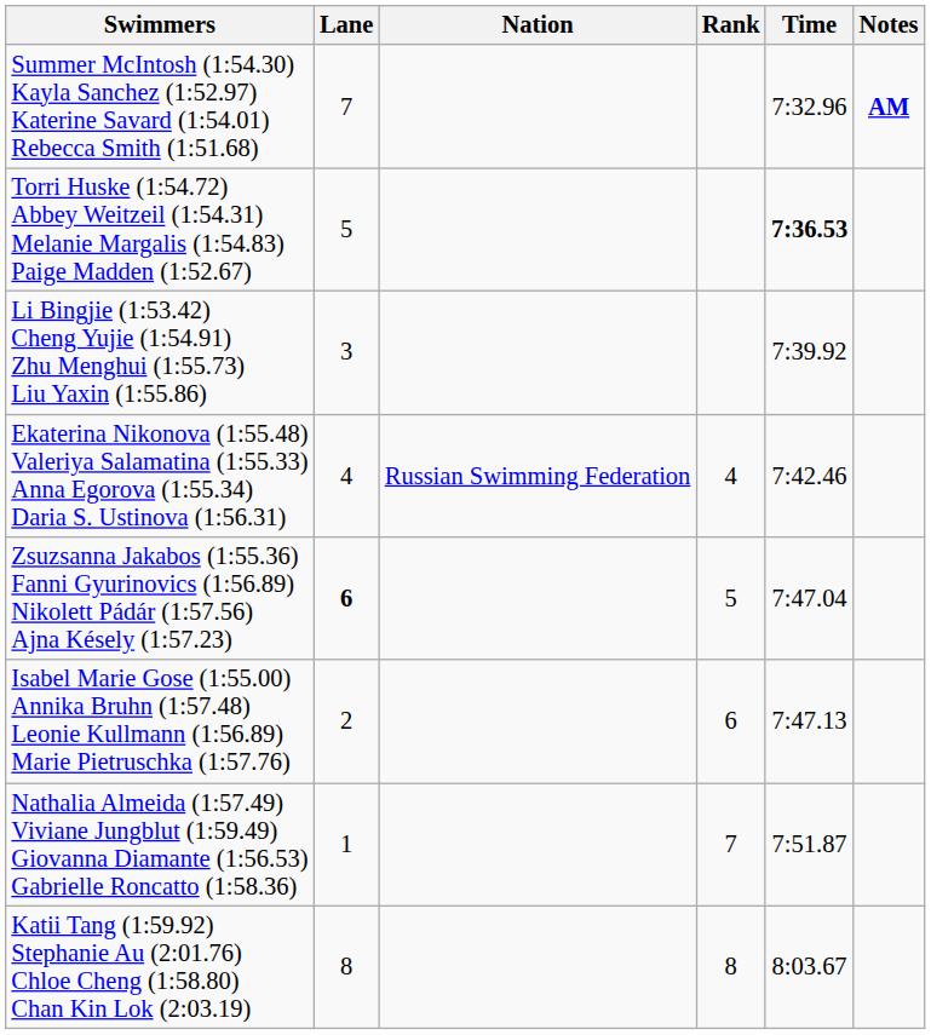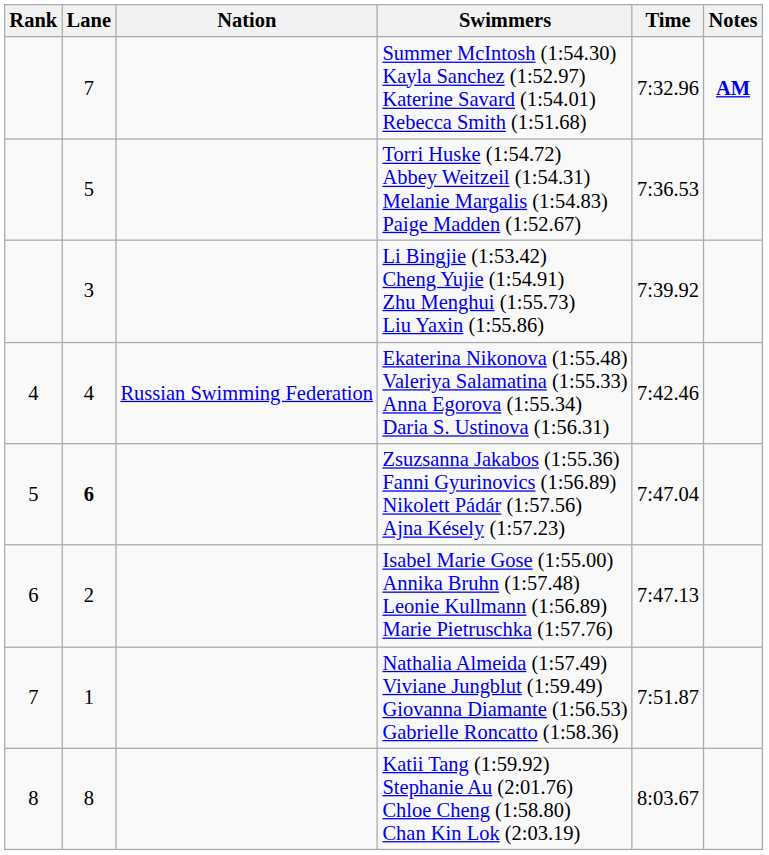 <table class="wikitable sortable" style="text-align:center">
 <tr>
-<th>Swimmers</th>
+<th>Rank</th>
 <th>Lane</th>
 <th>Nation</th>
-<th>Rank</th>
+<th>Swimmers</th>
 <th>Time</th>
 <th>Notes</th>
 </tr>
 <tr>
-<td align=left><a href='#'>Summer McIntosh</a> (1:54.30)<br><a href='#'>Kayla Sanchez</a> (1:52.97)<br><a href='#'>Katerine Savard</a> (1:54.01)<br><a href='#'>Rebecca Smith</a> (1:51.68)</td>
+<td></td>
 <td>7</td>
 <td align=left></td>
-<td></td>
+<td align=left><a href='#'>Summer McIntosh</a> (1:54.30)<br><a href='#'>Kayla Sanchez</a> (1:52.97)<br><a href='#'>Katerine Savard</a> (1:54.01)<br><a href='#'>Rebecca Smith</a> (1:51.68)</td>
 <td>7:32.96</td>
 <td><strong><a href='#'>AM</a></strong></td>
 </tr>
 <tr>
-<td align=left><a href='#'>Torri Huske</a> (1:54.72)<br><a href='#'>Abbey Weitzeil</a> (1:54.31)<br><a href='#'>Melanie Margalis</a> (1:54.83)<br><a href='#'>Paige Madden</a> (1:52.67)</td>
+<td></td>
 <td>5</td>
 <td align=left></td>
-<td></td>
-<td><strong>7:36.53</strong></td>
+<td align=left><a href='#'>Torri Huske</a> (1:54.72)<br><a href='#'>Abbey Weitzeil</a> (1:54.31)<br><a href='#'>Melanie Margalis</a> (1:54.83)<br><a href='#'>Paige Madden</a> (1:52.67)</td>
+<td>7:36.53</td>
 <td></td>
 </tr>
 <tr>
-<td align=left><a href='#'>Li Bingjie</a> (1:53.42)<br><a href='#'>Cheng Yujie</a> (1:54.91)<br><a href='#'>Zhu Menghui</a> (1:55.73)<br><a href='#'>Liu Yaxin</a> (1:55.86)</td>
+<td></td>
 <td>3</td>
 <td align=left></td>
-<td></td>
+<td align=left><a href='#'>Li Bingjie</a> (1:53.42)<br><a href='#'>Cheng Yujie</a> (1:54.91)<br><a href='#'>Zhu Menghui</a> (1:55.73)<br><a href='#'>Liu Yaxin</a> (1:55.86)</td>
 <td>7:39.92</td>
 <td></td>
 </tr>
 <tr>
-<td align=left><a href='#'>Ekaterina Nikonova</a> (1:55.48)<br><a href='#'>Valeriya Salamatina</a> (1:55.33)<br><a href='#'>Anna Egorova</a> (1:55.34)<br><a href='#'>Daria S. Ustinova</a> (1:56.31)</td>
+<td>4</td>
 <td>4</td>
 <td align=left><a href='#'>Russian Swimming Federation</a></td>
-<td>4</td>
+<td align=left><a href='#'>Ekaterina Nikonova</a> (1:55.48)<br><a href='#'>Valeriya Salamatina</a> (1:55.33)<br><a href='#'>Anna Egorova</a> (1:55.34)<br><a href='#'>Daria S. Ustinova</a> (1:56.31)</td>
 <td>7:42.46</td>
 <td></td>
 </tr>
 <tr>
-<td align=left><a href='#'>Zsuzsanna Jakabos</a> (1:55.36)<br><a href='#'>Fanni Gyurinovics</a> (1:56.89)<br><a href='#'>Nikolett Pádár</a> (1:57.56)<br><a href='#'>Ajna Késely</a> (1:57.23)</td>
+<td>5</td>
 <td><strong>6</strong></td>
 <td align=left></td>
-<td>5</td>
+<td align=left><a href='#'>Zsuzsanna Jakabos</a> (1:55.36)<br><a href='#'>Fanni Gyurinovics</a> (1:56.89)<br><a href='#'>Nikolett Pádár</a> (1:57.56)<br><a href='#'>Ajna Késely</a> (1:57.23)</td>
 <td>7:47.04</td>
 <td></td>
 </tr>
 <tr>
-<td align=left><a href='#'>Isabel Marie Gose</a> (1:55.00)<br><a href='#'>Annika Bruhn</a> (1:57.48)<br><a href='#'>Leonie Kullmann</a> (1:56.89)<br><a href='#'>Marie Pietruschka</a> (1:57.76)</td>
+<td>6</td>
 <td>2</td>
 <td align=left></td>
-<td>6</td>
+<td align=left><a href='#'>Isabel Marie Gose</a> (1:55.00)<br><a href='#'>Annika Bruhn</a> (1:57.48)<br><a href='#'>Leonie Kullmann</a> (1:56.89)<br><a href='#'>Marie Pietruschka</a> (1:57.76)</td>
 <td>7:47.13</td>
 <td></td>
 </tr>
 <tr>
-<td align=left><a href='#'>Nathalia Almeida</a> (1:57.49)<br><a href='#'>Viviane Jungblut</a> (1:59.49)<br><a href='#'>Giovanna Diamante</a> (1:56.53)<br><a href='#'>Gabrielle Roncatto</a> (1:58.36)</td>
+<td>7</td>
 <td>1</td>
 <td align=left></td>
-<td>7</td>
+<td align=left><a href='#'>Nathalia Almeida</a> (1:57.49)<br><a href='#'>Viviane Jungblut</a> (1:59.49)<br><a href='#'>Giovanna Diamante</a> (1:56.53)<br><a href='#'>Gabrielle Roncatto</a> (1:58.36)</td>
 <td>7:51.87</td>
 <td></td>
 </tr>
 <tr>
-<td align=left><a href='#'>Katii Tang</a> (1:59.92)<br><a href='#'>Stephanie Au</a> (2:01.76)<br><a href='#'>Chloe Cheng</a> (1:58.80)<br><a href='#'>Chan Kin Lok</a> (2:03.19)</td>
+<td>8</td>
 <td>8</td>
 <td align=left></td>
-<td>8</td>
+<td align=left><a href='#'>Katii Tang</a> (1:59.92)<br><a href='#'>Stephanie Au</a> (2:01.76)<br><a href='#'>Chloe Cheng</a> (1:58.80)<br><a href='#'>Chan Kin Lok</a> (2:03.19)</td>
 <td>8:03.67</td>
 <td></td>
 </tr>
 </table>
